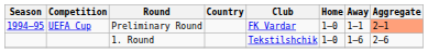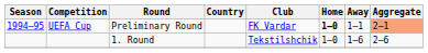 <table class="wikitable">
 <tr>
 <th>Season</th>
 <th>Competition</th>
 <th>Round</th>
 <th>Country</th>
 <th>Club</th>
 <th>Home</th>
 <th>Away</th>
 <th>Aggregate</th>
 </tr>
 <tr>
 <td><a href='#'>1994–95</a></td>
 <td><a href='#'>UEFA Cup</a></td>
 <td>Preliminary Round</td>
 <td></td>
 <td><a href='#'>FK Vardar</a></td>
-<td>1–0</td>
+<td><strong>1–0</strong></td>
 <td>1–1</td>
 <td style="background: lightsalmon;">2–1</td>
 </tr>
 <tr>
 <td></td>
 <td></td>
 <td>1. Round</td>
 <td></td>
 <td><a href='#'>Tekstilshchik</a></td>
 <td>1–0</td>
 <td>1–6</td>
 <td>2–6</td>
 </tr>
 <tr>
 </tr>
 </table>
